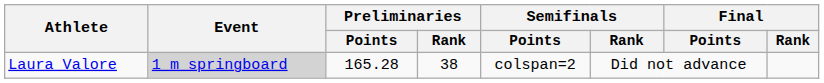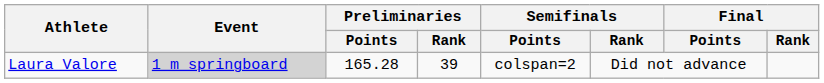 <table class="wikitable" style="text-align:center; font-size:90%; width:50%;">
 <tr>
 <th rowspan=2>Athlete</th>
 <th rowspan=2>Event</th>
 <th colspan=2>Preliminaries</th>
 <th colspan=2>Semifinals</th>
 <th colspan=2>Final</th>
 </tr>
 <tr style="font-size:95%">
 <th>Points</th>
 <th>Rank</th>
 <th>Points</th>
 <th>Rank</th>
 <th>Points</th>
 <th>Rank</th>
 </tr>
 <tr>
 <td align=left><a href='#'>Laura Valore</a></td>
 <td align=left style="background: lightgrey;"><a href='#'>1 m springboard</a></td>
 <td>165.28</td>
-<td>38</td>
+<td>39</td>
 <td>colspan=2 </td>
 <td colspan=2>Did not advance</td>
 </tr>
 </table>
